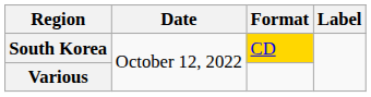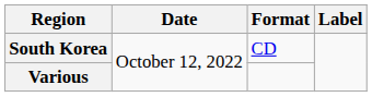 <table class="wikitable plainrowheaders">
 <tr>
 <th scope="col">Region</th>
 <th scope="col">Date</th>
 <th scope="col">Format</th>
 <th scope="col">Label</th>
 </tr>
 <tr>
 <th scope="row">South Korea</th>
 <td rowspan="2">October 12, 2022</td>
-<td style="background: gold;"><a href='#'>CD</a></td>
+<td><a href='#'>CD</a></td>
 <td rowspan="2"></td>
 </tr>
 <tr>
 <th scope="row">Various </th>
 <td></td>
 </tr>
 </table>
